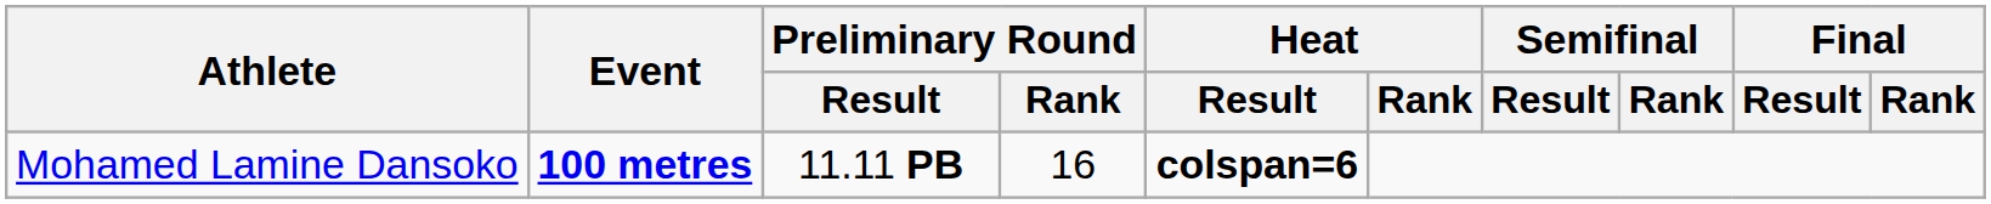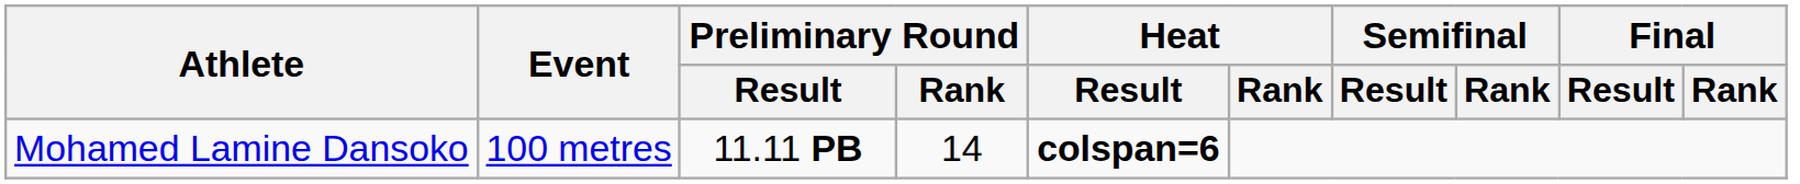 <table class="wikitable" style="font-size:90%">
 <tr>
 <th rowspan="2">Athlete</th>
 <th rowspan="2">Event</th>
 <th colspan="2">Preliminary Round</th>
 <th colspan="2">Heat</th>
 <th colspan="2">Semifinal</th>
 <th colspan="2">Final</th>
 </tr>
 <tr style="font-size:95%">
 <th>Result</th>
 <th>Rank</th>
 <th>Result</th>
 <th>Rank</th>
 <th>Result</th>
 <th>Rank</th>
 <th>Result</th>
 <th>Rank</th>
 </tr>
 <tr style=text-align:center>
 <td style=text-align:left><a href='#'>Mohamed Lamine Dansoko</a></td>
-<td style=text-align:left><strong><a href='#'>100 metres</a></strong></td>
+<td style=text-align:left><a href='#'>100 metres</a></td>
 <td>11.11 <strong>PB</strong></td>
-<td>16</td>
+<td>14</td>
 <td><strong>colspan=6 </strong></td>
 </tr>
 </table>
